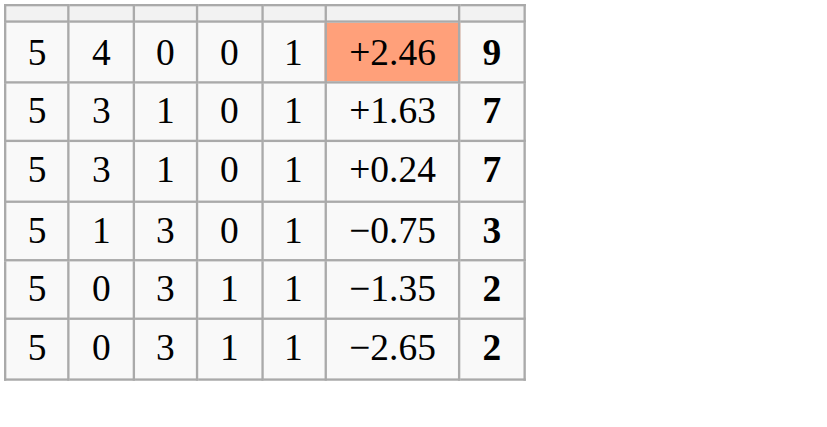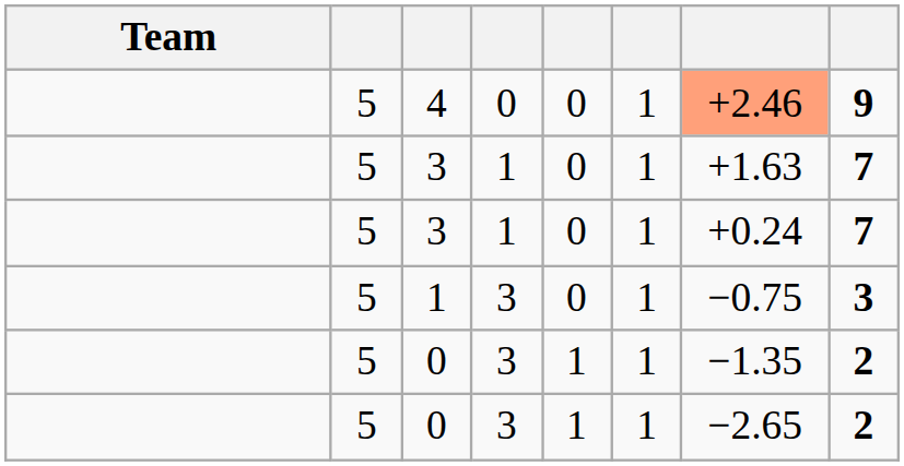 <table class="wikitable" style="text-align:center">
 <tr>
+<th width="120">Team</th>
 <th width="20"></th>
 <th width="20"></th>
 <th width="20"></th>
 <th width="20"></th>
 <th width="20"></th>
 <th width="50"><a href='#'></a></th>
 <th width="20"></th>
 </tr>
 <tr>
+<td align=left></td>
 <td>5</td>
 <td>4</td>
 <td>0</td>
 <td>0</td>
 <td>1</td>
 <td style="background: lightsalmon;">+2.46</td>
 <td><strong>9</strong></td>
 </tr>
 <tr>
+<td align=left></td>
 <td>5</td>
 <td>3</td>
 <td>1</td>
 <td>0</td>
 <td>1</td>
 <td>+1.63</td>
 <td><strong>7</strong></td>
 </tr>
 <tr>
+<td align=left></td>
 <td>5</td>
 <td>3</td>
 <td>1</td>
 <td>0</td>
 <td>1</td>
 <td>+0.24</td>
 <td><strong>7</strong></td>
 </tr>
 <tr>
+<td align=left></td>
 <td>5</td>
 <td>1</td>
 <td>3</td>
 <td>0</td>
 <td>1</td>
 <td>−0.75</td>
 <td><strong>3</strong></td>
 </tr>
 <tr>
+<td align=left></td>
 <td>5</td>
 <td>0</td>
 <td>3</td>
 <td>1</td>
 <td>1</td>
 <td>−1.35</td>
 <td><strong>2</strong></td>
 </tr>
 <tr>
+<td align=left></td>
 <td>5</td>
 <td>0</td>
 <td>3</td>
 <td>1</td>
 <td>1</td>
 <td>−2.65</td>
 <td><strong>2</strong></td>
 </tr>
 </table>
